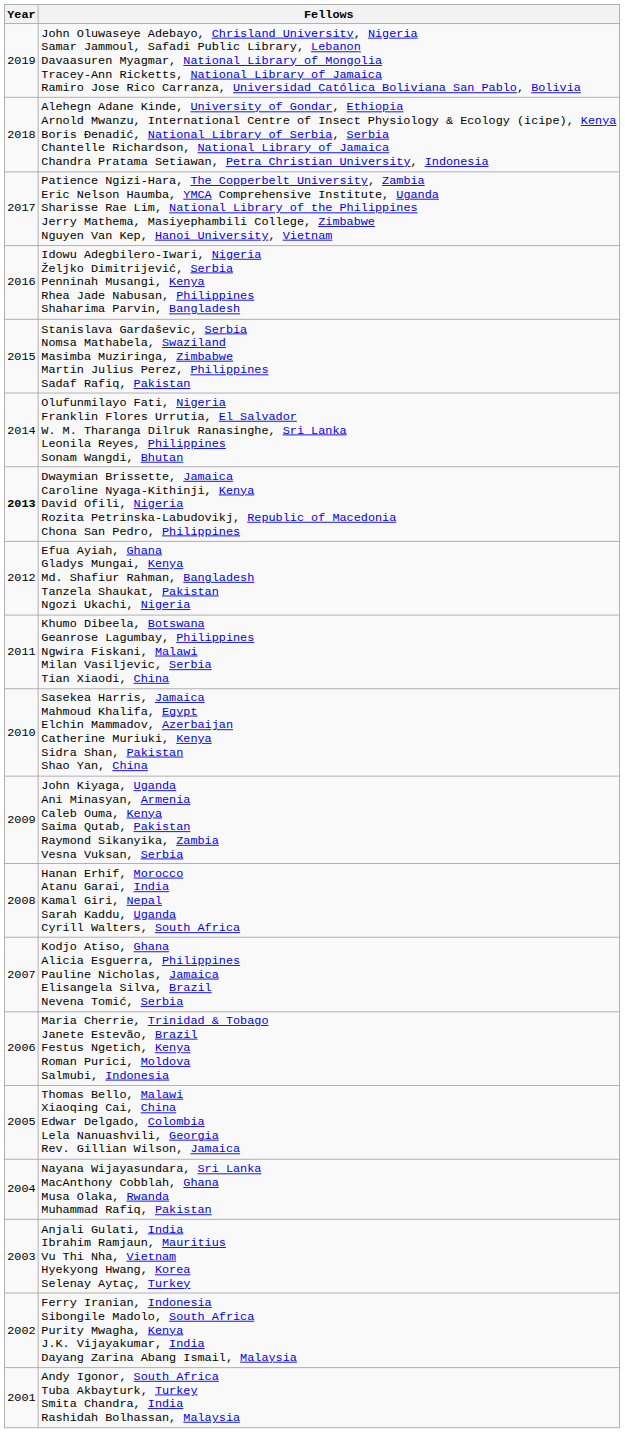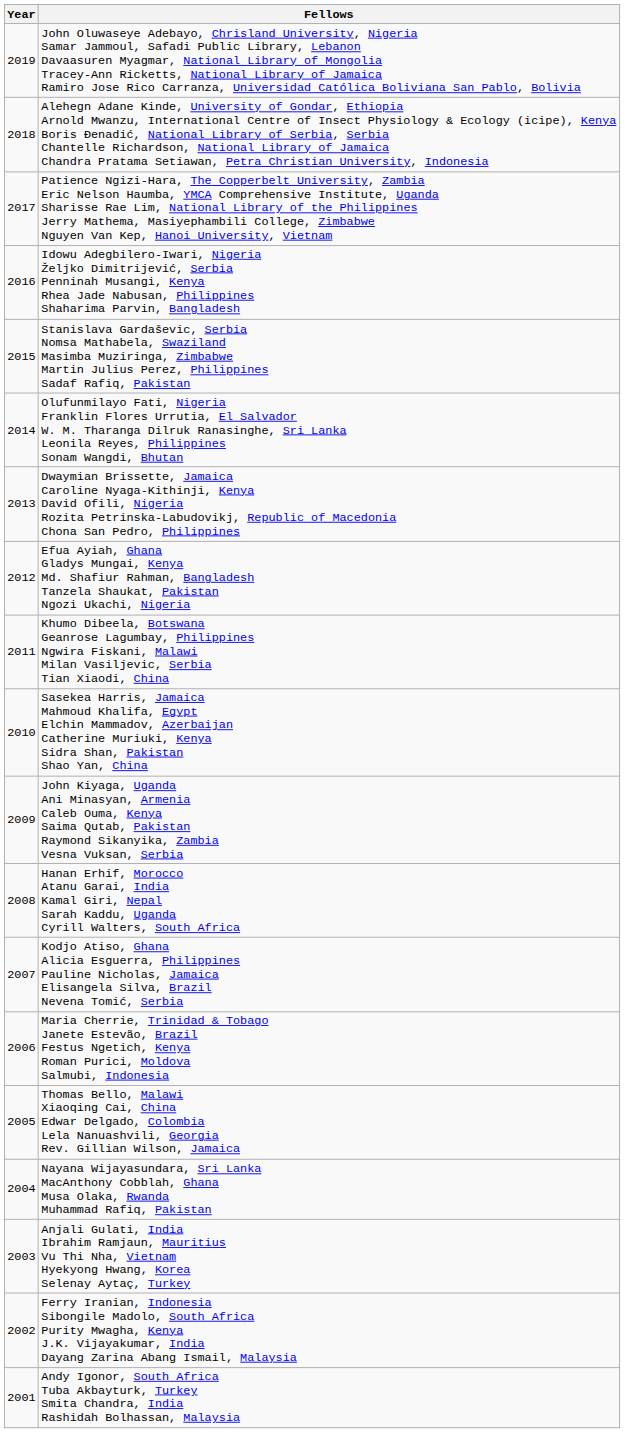 <table class="wikitable mw-collapsible">
 <tr>
 <th>Year</th>
 <th>Fellows</th>
 </tr>
 <tr>
 <td>2019</td>
 <td>John Oluwaseye Adebayo, <a href='#'>Chrisland University</a>, <a href='#'>Nigeria</a><br>Samar Jammoul, Safadi Public Library, <a href='#'>Lebanon</a><br>Davaasuren Myagmar, <a href='#'>National Library of Mongolia</a><br>Tracey-Ann Ricketts, <a href='#'>National Library of Jamaica</a><br>Ramiro Jose Rico Carranza, <a href='#'>Universidad Católica Boliviana San Pablo</a>, <a href='#'>Bolivia</a></td>
 </tr>
 <tr>
 <td>2018</td>
 <td>Alehegn Adane Kinde, <a href='#'>University of Gondar</a>, <a href='#'>Ethiopia</a><br>Arnold Mwanzu, International Centre of Insect Physiology & Ecology (icipe), <a href='#'>Kenya</a><br>Boris Đenadić, <a href='#'>National Library of Serbia</a>, <a href='#'>Serbia</a><br>Chantelle Richardson, <a href='#'>National Library of Jamaica</a><br>Chandra Pratama Setiawan, <a href='#'>Petra Christian University</a>, <a href='#'>Indonesia</a></td>
 </tr>
 <tr>
 <td>2017</td>
 <td>Patience Ngizi-Hara, <a href='#'>The Copperbelt University</a>, <a href='#'>Zambia</a><br>Eric Nelson Haumba, <a href='#'>YMCA</a> Comprehensive Institute, <a href='#'>Uganda</a><br>Sharisse Rae Lim, <a href='#'>National Library of the Philippines</a><br>Jerry Mathema, Masiyephambili College, <a href='#'>Zimbabwe</a><br>Nguyen Van Kep, <a href='#'>Hanoi University</a>, <a href='#'>Vietnam</a></td>
 </tr>
 <tr>
 <td>2016</td>
 <td>Idowu Adegbilero-Iwari, <a href='#'>Nigeria</a><br>Željko Dimitrijević, <a href='#'>Serbia</a><br>Penninah Musangi, <a href='#'>Kenya</a><br>Rhea Jade Nabusan, <a href='#'>Philippines</a><br>Shaharima Parvin, <a href='#'>Bangladesh</a></td>
 </tr>
 <tr>
 <td>2015</td>
 <td>Stanislava Gardaševic, <a href='#'>Serbia</a><br>Nomsa Mathabela, <a href='#'>Swaziland</a><br>Masimba Muziringa, <a href='#'>Zimbabwe</a><br>Martin Julius Perez, <a href='#'>Philippines</a><br>Sadaf Rafiq, <a href='#'>Pakistan</a></td>
 </tr>
 <tr>
 <td>2014</td>
 <td>Olufunmilayo Fati, <a href='#'>Nigeria</a><br>Franklin Flores Urrutia, <a href='#'>El Salvador</a><br>W. M. Tharanga Dilruk Ranasinghe, <a href='#'>Sri Lanka</a><br>Leonila Reyes, <a href='#'>Philippines</a><br>Sonam Wangdi, <a href='#'>Bhutan</a></td>
 </tr>
 <tr>
-<td><strong>2013</strong></td>
+<td>2013</td>
 <td>Dwaymian Brissette, <a href='#'>Jamaica</a><br>Caroline Nyaga-Kithinji, <a href='#'>Kenya</a><br>David Ofili, <a href='#'>Nigeria</a><br>Rozita Petrinska-Labudovikj, <a href='#'>Republic of Macedonia</a><br>Chona San Pedro, <a href='#'>Philippines</a></td>
 </tr>
 <tr>
 <td>2012</td>
 <td>Efua Ayiah, <a href='#'>Ghana</a><br>Gladys Mungai, <a href='#'>Kenya</a><br>Md. Shafiur Rahman, <a href='#'>Bangladesh</a><br>Tanzela Shaukat, <a href='#'>Pakistan</a><br>Ngozi Ukachi, <a href='#'>Nigeria</a></td>
 </tr>
 <tr>
 <td>2011</td>
 <td>Khumo Dibeela, <a href='#'>Botswana</a><br>Geanrose Lagumbay, <a href='#'>Philippines</a><br>Ngwira Fiskani, <a href='#'>Malawi</a><br>Milan Vasiljevic, <a href='#'>Serbia</a><br>Tian Xiaodi, <a href='#'>China</a></td>
 </tr>
 <tr>
 <td>2010</td>
 <td>Sasekea Harris, <a href='#'>Jamaica</a><br>Mahmoud Khalifa, <a href='#'>Egypt</a><br>Elchin Mammadov, <a href='#'>Azerbaijan</a><br>Catherine Muriuki, <a href='#'>Kenya</a><br>Sidra Shan, <a href='#'>Pakistan</a><br>Shao Yan, <a href='#'>China</a></td>
 </tr>
 <tr>
 <td>2009</td>
 <td>John Kiyaga, <a href='#'>Uganda</a><br>Ani Minasyan, <a href='#'>Armenia</a><br>Caleb Ouma, <a href='#'>Kenya</a><br>Saima Qutab, <a href='#'>Pakistan</a><br>Raymond Sikanyika, <a href='#'>Zambia</a><br>Vesna Vuksan, <a href='#'>Serbia</a></td>
 </tr>
 <tr>
 <td>2008</td>
 <td>Hanan Erhif, <a href='#'>Morocco</a><br>Atanu Garai, <a href='#'>India</a><br>Kamal Giri, <a href='#'>Nepal</a><br>Sarah Kaddu, <a href='#'>Uganda</a><br>Cyrill Walters, <a href='#'>South Africa</a></td>
 </tr>
 <tr>
 <td>2007</td>
 <td>Kodjo Atiso, <a href='#'>Ghana</a><br>Alicia Esguerra, <a href='#'>Philippines</a><br>Pauline Nicholas, <a href='#'>Jamaica</a><br>Elisangela Silva, <a href='#'>Brazil</a><br>Nevena Tomić, <a href='#'>Serbia</a></td>
 </tr>
 <tr>
 <td>2006</td>
 <td>Maria Cherrie, <a href='#'>Trinidad & Tobago</a><br>Janete Estevão, <a href='#'>Brazil</a><br>Festus Ngetich, <a href='#'>Kenya</a><br>Roman Purici, <a href='#'>Moldova</a><br>Salmubi, <a href='#'>Indonesia</a></td>
 </tr>
 <tr>
 <td>2005</td>
 <td>Thomas Bello, <a href='#'>Malawi</a><br>Xiaoqing Cai, <a href='#'>China</a><br>Edwar Delgado, <a href='#'>Colombia</a><br>Lela Nanuashvili, <a href='#'>Georgia</a><br>Rev. Gillian Wilson, <a href='#'>Jamaica</a></td>
 </tr>
 <tr>
 <td>2004</td>
 <td>Nayana Wijayasundara, <a href='#'>Sri Lanka</a><br>MacAnthony Cobblah, <a href='#'>Ghana</a><br>Musa Olaka, <a href='#'>Rwanda</a><br>Muhammad Rafiq, <a href='#'>Pakistan</a></td>
 </tr>
 <tr>
 <td>2003</td>
 <td>Anjali Gulati, <a href='#'>India</a><br>Ibrahim Ramjaun, <a href='#'>Mauritius</a><br>Vu Thi Nha, <a href='#'>Vietnam</a><br>Hyekyong Hwang, <a href='#'>Korea</a><br>Selenay Aytaç, <a href='#'>Turkey</a></td>
 </tr>
 <tr>
 <td>2002</td>
 <td>Ferry Iranian, <a href='#'>Indonesia</a><br>Sibongile Madolo, <a href='#'>South Africa</a><br>Purity Mwagha, <a href='#'>Kenya</a><br>J.K. Vijayakumar, <a href='#'>India</a><br>Dayang Zarina Abang Ismail, <a href='#'>Malaysia</a></td>
 </tr>
 <tr>
 <td>2001</td>
 <td>Andy Igonor, <a href='#'>South Africa</a><br>Tuba Akbayturk, <a href='#'>Turkey</a><br>Smita Chandra, <a href='#'>India</a><br>Rashidah Bolhassan, <a href='#'>Malaysia</a></td>
 </tr>
 </table>
